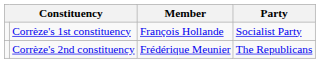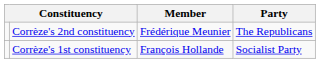 <table class="wikitable">
 <tr>
 <th colspan="2">Constituency</th>
 <th>Member</th>
 <th>Party</th>
 </tr>
 <tr>
 <td style="background-color: "></td>
+<td><a href='#'>Corrèze's 2nd constituency</a></td>
+<td><a href='#'>Frédérique Meunier</a></td>
+<td><a href='#'>The Republicans</a></td>
+</tr>
+<tr>
+<td style="background-color: "></td>
 <td><a href='#'>Corrèze's 1st constituency</a></td>
 <td><a href='#'>François Hollande</a></td>
 <td><a href='#'>Socialist Party</a></td>
 </tr>
-<tr>
-<td style="background-color: "></td>
-<td><a href='#'>Corrèze's 2nd constituency</a></td>
-<td><a href='#'>Frédérique Meunier</a></td>
-<td><a href='#'>The Republicans</a></td>
-</tr>
 </table>
